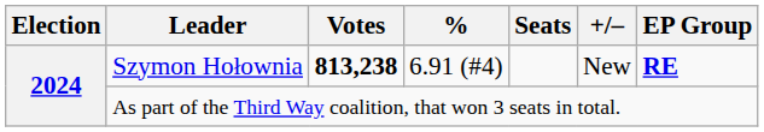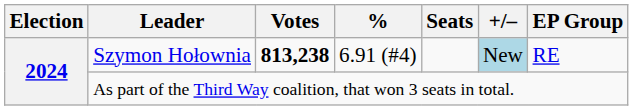 <table class=wikitable>
 <tr>
 <th>Election</th>
 <th>Leader</th>
 <th>Votes</th>
 <th>%</th>
 <th>Seats</th>
 <th>+/–</th>
 <th>EP Group</th>
 </tr>
 <tr>
 <th rowspan="2"><a href='#'>2024</a></th>
 <td><a href='#'>Szymon Hołownia</a></td>
 <td><strong>813,238</strong></td>
 <td>6.91 (#4)</td>
 <td></td>
-<td>New</td>
-<td><strong><a href='#'>RE</a></strong></td>
+<td style="background: lightblue;">New</td>
+<td><a href='#'>RE</a></td>
 </tr>
 <tr>
 <td colspan="6"><small>As part of the <a href='#'>Third Way</a> coalition, that won 3 seats in total.</small></td>
 </tr>
 </table>
